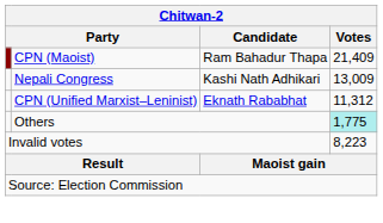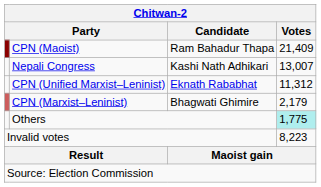 <table class="wikitable">
 <tr>
 <th colspan="4"><a href='#'>Chitwan-2</a></th>
 </tr>
 <tr>
 <th colspan="2">Party</th>
 <th>Candidate</th>
 <th>Votes</th>
 </tr>
 <tr>
 <td style="background-color:darkred"></td>
 <td><a href='#'>CPN (Maoist)</a></td>
 <td>Ram Bahadur Thapa</td>
 <td>21,409</td>
 </tr>
 <tr>
 <td style="background-color:"></td>
 <td><a href='#'>Nepali Congress</a></td>
 <td>Kashi Nath Adhikari</td>
-<td>13,009</td>
+<td>13,007</td>
 </tr>
 <tr>
 <td style="background-color:"></td>
 <td><a href='#'>CPN (Unified Marxist–Leninist)</a></td>
 <td><a href='#'>Eknath Rababhat</a></td>
 <td>11,312</td>
+</tr>
+<tr>
+<td style="background-color:indianred"></td>
+<td><a href='#'>CPN (Marxist–Leninist)</a></td>
+<td>Bhagwati Ghimire</td>
+<td>2,179</td>
 </tr>
 <tr>
 <td></td>
 <td colspan="2">Others</td>
 <td style="background: paleturquoise;">1,775</td>
 </tr>
 <tr>
 <td colspan="3">Invalid votes</td>
 <td>8,223</td>
 </tr>
 <tr>
 <th colspan="2">Result</th>
 <th colspan="2">Maoist gain</th>
 </tr>
 <tr>
 <td colspan="4">Source: Election Commission</td>
 </tr>
 </table>
